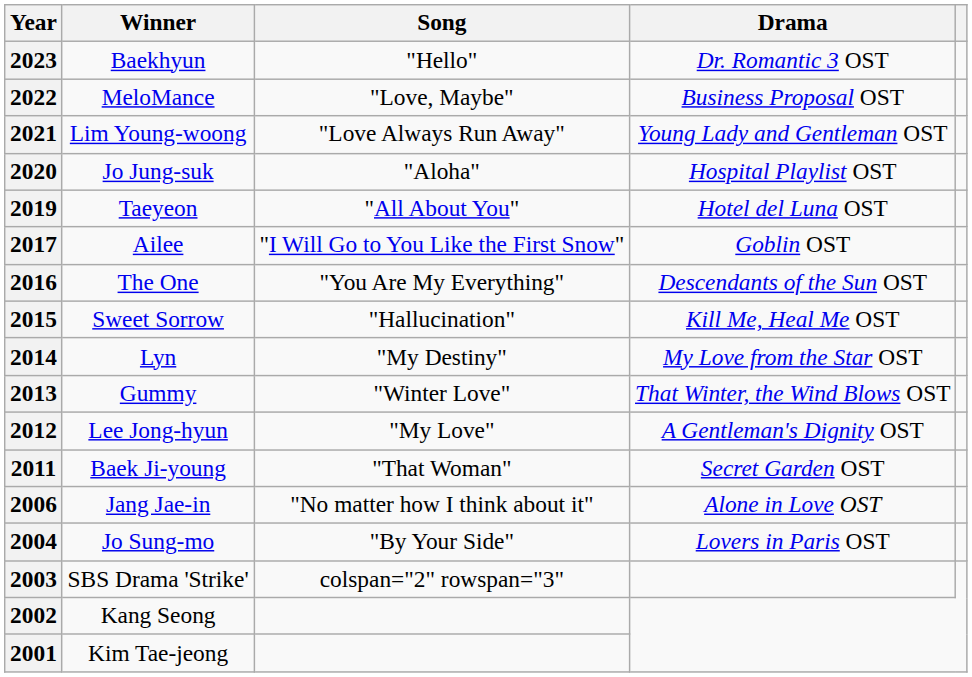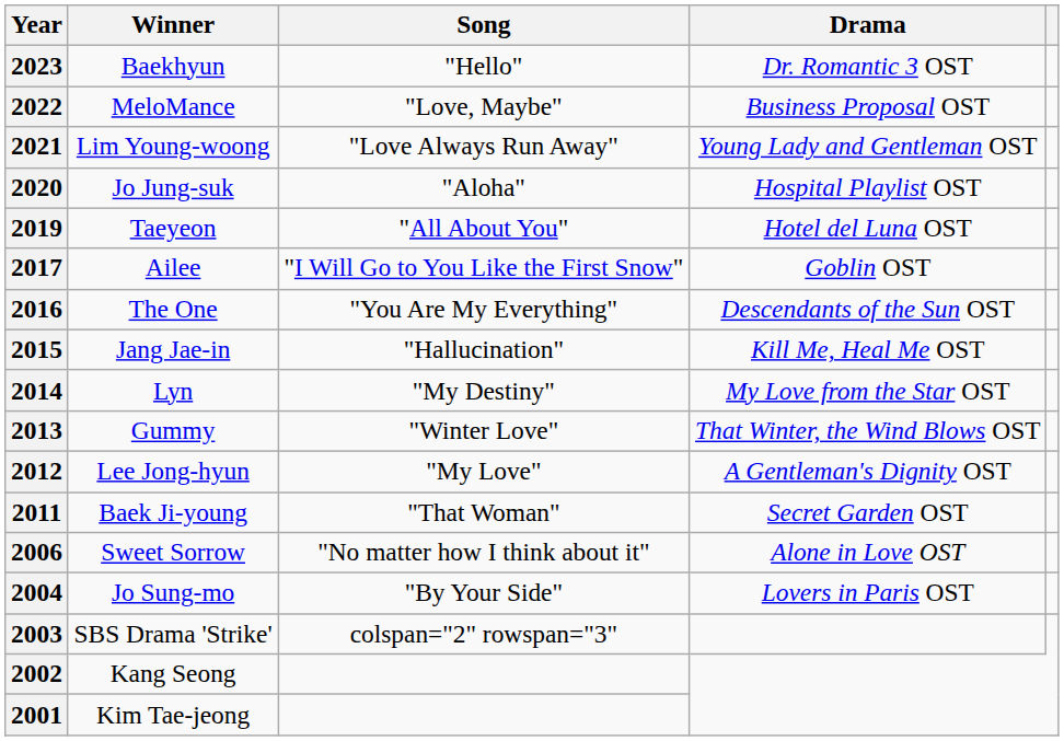 <table class="wikitable sortable plainrowheaders" style="text-align: center;">
 <tr>
 <th scope="col">Year</th>
 <th scope="col">Winner</th>
 <th scope="col">Song</th>
 <th scope="col">Drama</th>
 <th scope="col" class="unsortable"></th>
 </tr>
 <tr>
 <th scope="row">2023</th>
 <td><a href='#'>Baekhyun</a></td>
 <td>"Hello"</td>
 <td><em><a href='#'>Dr. Romantic 3</a></em>  OST</td>
 <td></td>
 </tr>
 <tr>
 <th scope="row">2022</th>
 <td><a href='#'>MeloMance</a></td>
 <td>"Love, Maybe"</td>
 <td><em><a href='#'>Business Proposal</a></em> OST</td>
 <td style="text-align:center"></td>
 </tr>
 <tr>
 <th scope="row">2021</th>
 <td><a href='#'>Lim Young-woong</a></td>
 <td>"Love Always Run Away"</td>
 <td><em><a href='#'>Young Lady and Gentleman</a></em> OST</td>
 <td style="text-align:center"></td>
 </tr>
 <tr>
 <th scope="row">2020</th>
 <td><a href='#'>Jo Jung-suk</a></td>
 <td>"Aloha"</td>
 <td><em><a href='#'>Hospital Playlist</a></em> OST</td>
 <td style="text-align:center"></td>
 </tr>
 <tr>
 <th scope="row">2019</th>
 <td><a href='#'>Taeyeon</a></td>
 <td>"<a href='#'>All About You</a>"</td>
 <td><em><a href='#'>Hotel del Luna</a></em> OST</td>
 <td style="text-align:center"></td>
 </tr>
 <tr>
 <th scope="row">2017</th>
 <td><a href='#'>Ailee</a></td>
 <td>"<a href='#'>I Will Go to You Like the First Snow</a>"</td>
 <td><a href='#'><em>Goblin</em></a> OST</td>
 <td style="text-align:center"></td>
 </tr>
 <tr>
 <th scope="row">2016</th>
 <td><a href='#'>The One</a></td>
 <td>"You Are My Everything"</td>
 <td><em><a href='#'>Descendants of the Sun</a></em> OST</td>
 <td style="text-align:center"></td>
 </tr>
 <tr>
 <th scope="row">2015</th>
-<td><a href='#'>Sweet Sorrow</a></td>
+<td><a href='#'>Jang Jae-in</a></td>
 <td>"Hallucination"</td>
 <td><em><a href='#'>Kill Me, Heal Me</a></em> OST</td>
 <td style="text-align:center"></td>
 </tr>
 <tr>
 <th scope="row">2014</th>
 <td><a href='#'>Lyn</a></td>
 <td>"My Destiny"</td>
 <td><em><a href='#'>My Love from the Star</a></em> OST</td>
 <td style="text-align:center"></td>
 </tr>
 <tr>
 <th scope="row">2013</th>
 <td><a href='#'>Gummy</a></td>
 <td>"Winter Love"</td>
 <td><em><a href='#'>That Winter, the Wind Blows</a></em> OST</td>
 <td style="text-align:center"></td>
 </tr>
 <tr>
 <th scope="row">2012</th>
 <td><a href='#'>Lee Jong-hyun</a></td>
 <td>"My Love"</td>
 <td><em><a href='#'>A Gentleman's Dignity</a></em> OST</td>
 <td style="text-align:center"></td>
 </tr>
 <tr>
 <th scope="row">2011</th>
 <td><a href='#'>Baek Ji-young</a></td>
 <td>"That Woman"</td>
 <td><em><a href='#'>Secret Garden</a></em> OST</td>
 <td style="text-align:center"></td>
 </tr>
 <tr>
 <th scope="row">2006</th>
-<td><a href='#'>Jang Jae-in</a></td>
+<td><a href='#'>Sweet Sorrow</a></td>
 <td>"No matter how I think about it"</td>
 <td><em><a href='#'>Alone in Love</a> OST</em></td>
 <td style="text-align:center"></td>
 </tr>
 <tr>
 <th scope="row">2004</th>
 <td><a href='#'>Jo Sung-mo</a></td>
 <td>"By Your Side"</td>
 <td><em><a href='#'>Lovers in Paris</a></em> OST</td>
 <td style="text-align:center"></td>
 </tr>
 <tr>
 <th scope="row">2003</th>
 <td>SBS Drama 'Strike'</td>
 <td>colspan="2" rowspan="3" </td>
 <td style="text-align:center"></td>
 </tr>
 <tr>
 <th scope="row">2002</th>
 <td>Kang Seong</td>
 <td style="text-align:center"></td>
 </tr>
 <tr>
 <th scope="row">2001</th>
 <td>Kim Tae-jeong</td>
 <td style="text-align:center"></td>
 </tr>
 </table>
